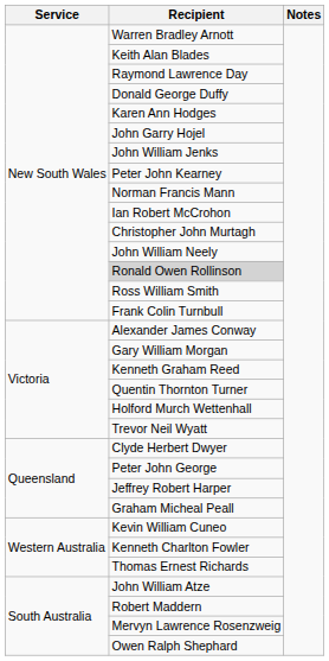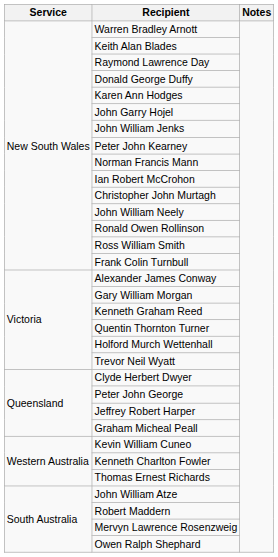 <table class="wikitable" style="font-size:95%;">
 <tr>
 <th>Service</th>
 <th>Recipient</th>
 <th>Notes</th>
 </tr>
 <tr>
 <td rowspan=15>New South Wales</td>
 <td> Warren Bradley Arnott</td>
 <td rowspan=32></td>
 </tr>
 <tr>
 <td> Keith Alan Blades</td>
 </tr>
 <tr>
 <td> Raymond Lawrence Day</td>
 </tr>
 <tr>
 <td> Donald George Duffy</td>
 </tr>
 <tr>
 <td> Karen Ann Hodges</td>
 </tr>
 <tr>
 <td> John Garry Hojel</td>
 </tr>
 <tr>
 <td> John William Jenks</td>
 </tr>
 <tr>
 <td> Peter John Kearney</td>
 </tr>
 <tr>
 <td> Norman Francis Mann</td>
 </tr>
 <tr>
 <td> Ian Robert McCrohon</td>
 </tr>
 <tr>
 <td> Christopher John Murtagh</td>
 </tr>
 <tr>
 <td> John William Neely</td>
 </tr>
 <tr>
-<td style="background: lightgrey;"> Ronald Owen Rollinson</td>
+<td> Ronald Owen Rollinson</td>
 </tr>
 <tr>
 <td> Ross William Smith</td>
 </tr>
 <tr>
 <td> Frank Colin Turnbull</td>
 </tr>
 <tr>
 <td rowspan=6>Victoria</td>
 <td> Alexander James Conway</td>
 </tr>
 <tr>
 <td> Gary William Morgan</td>
 </tr>
 <tr>
 <td> Kenneth Graham Reed</td>
 </tr>
 <tr>
 <td> Quentin Thornton Turner</td>
 </tr>
 <tr>
 <td> Holford Murch Wettenhall</td>
 </tr>
 <tr>
 <td> Trevor Neil Wyatt</td>
 </tr>
 <tr>
 <td rowspan=4>Queensland</td>
 <td> Clyde Herbert Dwyer</td>
 </tr>
 <tr>
 <td> Peter John George</td>
 </tr>
 <tr>
 <td> Jeffrey Robert Harper</td>
 </tr>
 <tr>
 <td> Graham Micheal Peall</td>
 </tr>
 <tr>
 <td rowspan=3>Western Australia</td>
 <td> Kevin William Cuneo</td>
 </tr>
 <tr>
 <td> Kenneth Charlton Fowler</td>
 </tr>
 <tr>
 <td> Thomas Ernest Richards</td>
 </tr>
 <tr>
 <td rowspan=4>South Australia</td>
 <td> John William Atze</td>
 </tr>
 <tr>
 <td> Robert Maddern</td>
 </tr>
 <tr>
 <td> Mervyn Lawrence Rosenzweig</td>
 </tr>
 <tr>
 <td> Owen Ralph Shephard</td>
 </tr>
 </table>
